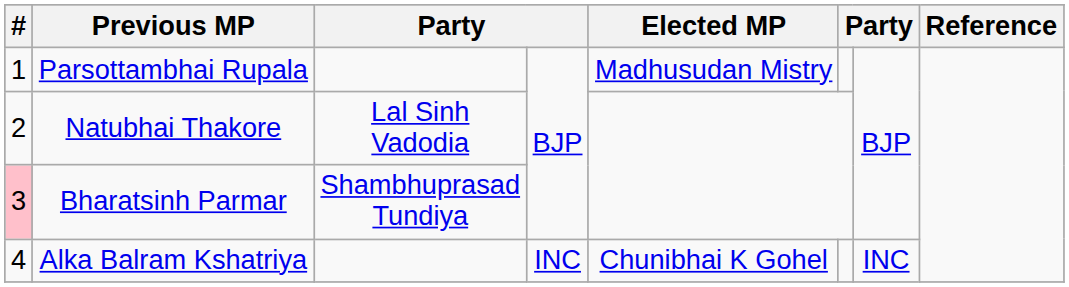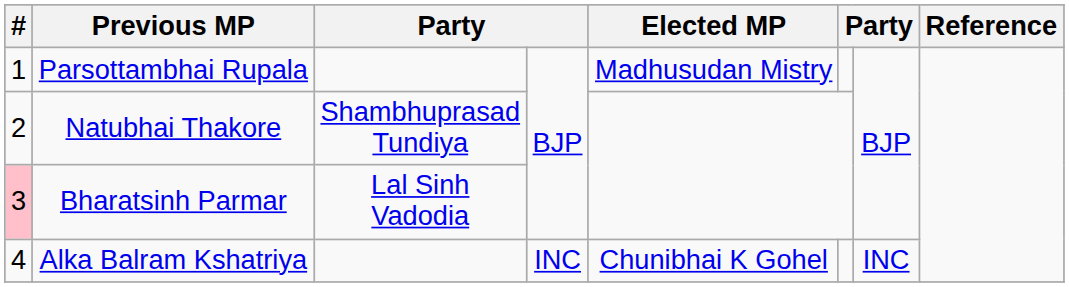 <table class="wikitable">
 <tr>
 <th>#</th>
 <th>Previous MP</th>
 <th colspan=2>Party</th>
 <th>Elected MP</th>
 <th colspan=2>Party</th>
 <th>Reference</th>
 </tr>
 <tr style="text-align:center;">
 <td>1</td>
 <td><a href='#'>Parsottambhai Rupala</a></td>
 <td></td>
 <td rowspan=3><a href='#'>BJP</a></td>
 <td><a href='#'>Madhusudan Mistry</a></td>
 <td width="1px"></td>
 <td rowspan=3><a href='#'>BJP</a></td>
 <td rowspan=4></td>
 </tr>
 <tr style="text-align:center;">
 <td>2</td>
 <td><a href='#'>Natubhai Thakore</a></td>
-<td><a href='#'>Lal Sinh Vadodia</a></td>
+<td><a href='#'>Shambhuprasad Tundiya</a></td>
 </tr>
 <tr style="text-align:center;">
 <td style="background: pink;">3</td>
 <td><a href='#'>Bharatsinh Parmar</a></td>
-<td><a href='#'>Shambhuprasad Tundiya</a></td>
+<td><a href='#'>Lal Sinh Vadodia</a></td>
 </tr>
 <tr style="text-align:center;">
 <td>4</td>
 <td><a href='#'>Alka Balram Kshatriya</a></td>
 <td width="1px"></td>
 <td rowspan=1><a href='#'>INC</a></td>
 <td><a href='#'>Chunibhai K Gohel</a></td>
 <td width="1px"></td>
 <td rowspan=1><a href='#'>INC</a></td>
 </tr>
 </table>
